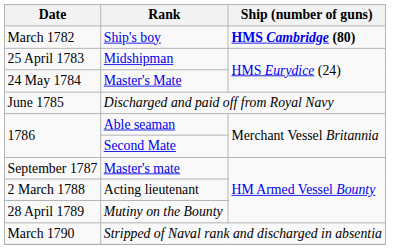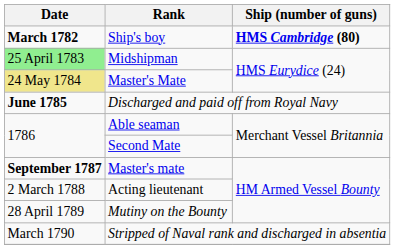 <table class="wikitable">
 <tr>
 <th>Date</th>
 <th>Rank</th>
 <th>Ship (number of guns)</th>
 </tr>
 <tr>
-<td>March 1782</td>
+<td><strong>March 1782</strong></td>
 <td><a href='#'>Ship's boy</a></td>
 <td><strong><a href='#'>HMS <em>Cambridge</em></a> (80)</strong></td>
 </tr>
 <tr>
-<td>25 April 1783</td>
+<td style="background: lightgreen;">25 April 1783</td>
 <td><a href='#'>Midshipman</a></td>
 <td rowspan=2><a href='#'>HMS <em>Eurydice</em></a> (24)</td>
 </tr>
 <tr>
-<td>24 May 1784</td>
+<td style="background: khaki;">24 May 1784</td>
 <td><a href='#'>Master's Mate</a></td>
 </tr>
 <tr>
-<td>June 1785</td>
+<td><strong>June 1785</strong></td>
 <td colspan=2><em>Discharged and paid off from Royal Navy</em></td>
 </tr>
 <tr>
 <td rowspan=2>1786</td>
 <td><a href='#'>Able seaman</a></td>
 <td rowspan=2>Merchant Vessel <em>Britannia</em></td>
 </tr>
 <tr>
 <td><a href='#'>Second Mate</a></td>
 </tr>
 <tr>
-<td>September 1787</td>
+<td><strong>September 1787</strong></td>
 <td><a href='#'>Master's mate</a></td>
 <td rowspan=3><a href='#'>HM Armed Vessel <em>Bounty</em></a></td>
 </tr>
 <tr>
 <td>2 March 1788</td>
 <td>Acting lieutenant</td>
 </tr>
 <tr>
 <td>28 April 1789</td>
 <td><em>Mutiny on the Bounty</em></td>
 </tr>
 <tr>
 <td>March 1790</td>
 <td colspan=2><em>Stripped of Naval rank and discharged in absentia</em></td>
 </tr>
 <tr>
 </tr>
 </table>
